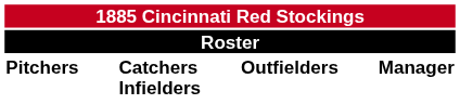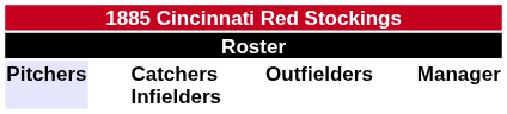 <table class="toccolours" style="font-size: 95%;">
 <tr>
 <th colspan="10" style="background-color: #c6011f; color: white; text-align: center;">1885 Cincinnati Red Stockings</th>
 </tr>
 <tr>
 <td colspan="10" style="background-color: black; color: white; text-align: center;"><strong>Roster</strong></td>
 </tr>
 <tr>
-<td valign="top"><strong>Pitchers</strong><br>     </td>
+<td valign="top" style="background: lavender;"><strong>Pitchers</strong><br>     </td>
 <td width="25px"></td>
 <td valign="top"><strong>Catchers</strong><br>     <strong>Infielders</strong>    </td>
 <td width="25px"></td>
 <td valign="top"><strong>Outfielders</strong><br>  </td>
 <td width="25px"></td>
 <td valign="top"><strong>Manager</strong><br></td>
 </tr>
 </table>
